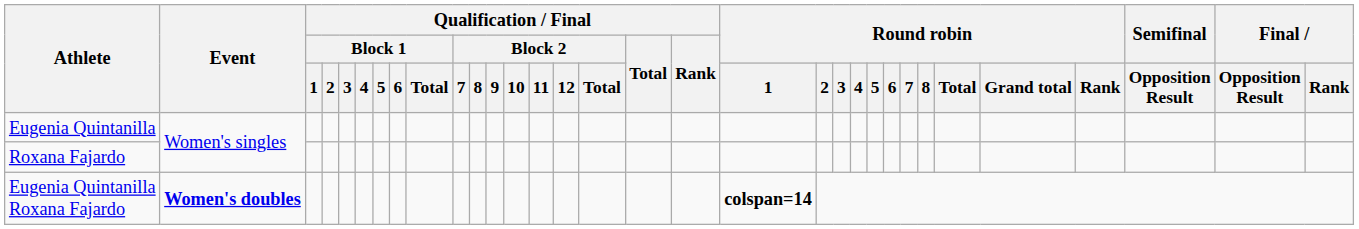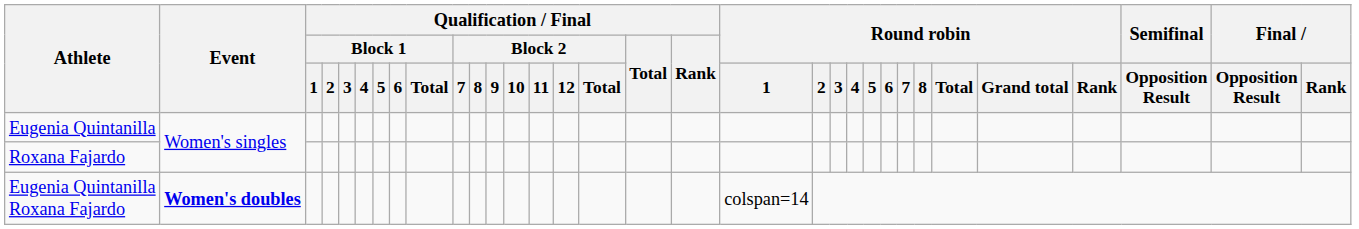 <table class=wikitable style=font-size:90%;text-align:center>
 <tr>
 <th rowspan=3>Athlete</th>
 <th rowspan=3>Event</th>
 <th colspan=16>Qualification / Final</th>
 <th colspan=11 rowspan=2>Round robin</th>
 <th rowspan=2>Semifinal</th>
 <th rowspan=2 colspan=2>Final / </th>
 </tr>
 <tr style=font-size:95%>
 <th colspan=7>Block 1</th>
 <th colspan=7>Block 2</th>
 <th rowspan=2>Total</th>
 <th rowspan=2>Rank</th>
 </tr>
 <tr style=font-size:95%>
 <th>1</th>
 <th>2</th>
 <th>3</th>
 <th>4</th>
 <th>5</th>
 <th>6</th>
 <th>Total</th>
 <th>7</th>
 <th>8</th>
 <th>9</th>
 <th>10</th>
 <th>11</th>
 <th>12</th>
 <th>Total</th>
 <th>1</th>
 <th>2</th>
 <th>3</th>
 <th>4</th>
 <th>5</th>
 <th>6</th>
 <th>7</th>
 <th>8</th>
 <th>Total</th>
 <th>Grand total</th>
 <th>Rank</th>
 <th>Opposition<br>Result</th>
 <th>Opposition<br>Result</th>
 <th>Rank</th>
 </tr>
 <tr>
 <td align=left><a href='#'>Eugenia Quintanilla</a></td>
 <td align=left rowspan=2><a href='#'>Women's singles</a></td>
 <td></td>
 <td></td>
 <td></td>
 <td></td>
 <td></td>
 <td></td>
 <td></td>
 <td></td>
 <td></td>
 <td></td>
 <td></td>
 <td></td>
 <td></td>
 <td></td>
 <td></td>
 <td></td>
 <td></td>
 <td></td>
 <td></td>
 <td></td>
 <td></td>
 <td></td>
 <td></td>
 <td></td>
 <td></td>
 <td></td>
 <td></td>
 <td></td>
 <td></td>
 <td></td>
 </tr>
 <tr>
 <td align=left><a href='#'>Roxana Fajardo</a></td>
 <td></td>
 <td></td>
 <td></td>
 <td></td>
 <td></td>
 <td></td>
 <td></td>
 <td></td>
 <td></td>
 <td></td>
 <td></td>
 <td></td>
 <td></td>
 <td></td>
 <td></td>
 <td></td>
 <td></td>
 <td></td>
 <td></td>
 <td></td>
 <td></td>
 <td></td>
 <td></td>
 <td></td>
 <td></td>
 <td></td>
 <td></td>
 <td></td>
 <td></td>
 <td></td>
 </tr>
 <tr>
 <td align=left><a href='#'>Eugenia Quintanilla</a><br><a href='#'>Roxana Fajardo</a></td>
 <td align=left><strong><a href='#'>Women's doubles</a></strong></td>
 <td></td>
 <td></td>
 <td></td>
 <td></td>
 <td></td>
 <td></td>
 <td></td>
 <td></td>
 <td></td>
 <td></td>
 <td></td>
 <td></td>
 <td></td>
 <td></td>
 <td></td>
 <td></td>
-<td><strong>colspan=14 </strong></td>
+<td>colspan=14 </td>
 </tr>
 </table>
